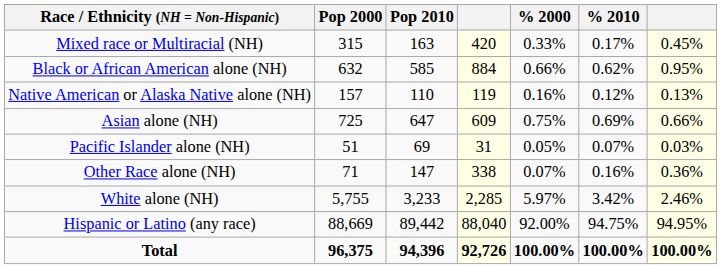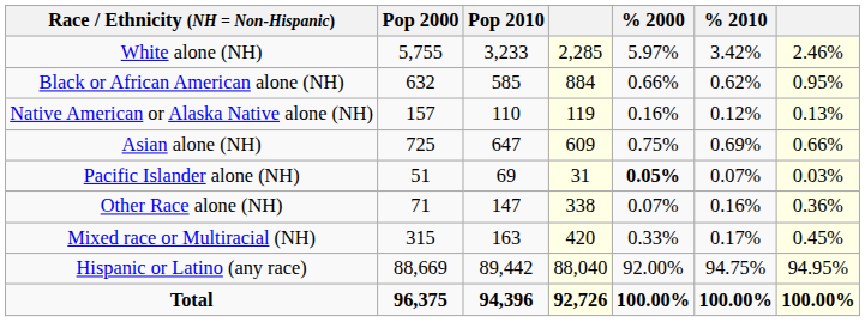 <table class="wikitable" style="text-align:center;">
 <tr>
 <th>Race / Ethnicity <small>(<em>NH = Non-Hispanic</em>)</small></th>
 <th>Pop 2000</th>
 <th>Pop 2010</th>
 <th></th>
 <th>% 2000</th>
 <th>% 2010</th>
 <th></th>
 </tr>
 <tr>
-<td><a href='#'>Mixed race or Multiracial</a> (NH)</td>
-<td>315</td>
-<td>163</td>
-<td style='background: #ffffe6;'>420</td>
-<td>0.33%</td>
-<td>0.17%</td>
-<td style='background: #ffffe6;'>0.45%</td>
+<td><a href='#'>White</a> alone (NH)</td>
+<td>5,755</td>
+<td>3,233</td>
+<td style='background: #ffffe6;'>2,285</td>
+<td>5.97%</td>
+<td>3.42%</td>
+<td style='background: #ffffe6;'>2.46%</td>
 </tr>
 <tr>
 <td><a href='#'>Black or African American</a> alone (NH)</td>
 <td>632</td>
 <td>585</td>
 <td style='background: #ffffe6;'>884</td>
 <td>0.66%</td>
 <td>0.62%</td>
 <td style='background: #ffffe6;'>0.95%</td>
 </tr>
 <tr>
 <td><a href='#'>Native American</a> or <a href='#'>Alaska Native</a> alone (NH)</td>
 <td>157</td>
 <td>110</td>
 <td style='background: #ffffe6;'>119</td>
 <td>0.16%</td>
 <td>0.12%</td>
 <td style='background: #ffffe6;'>0.13%</td>
 </tr>
 <tr>
 <td><a href='#'>Asian</a> alone (NH)</td>
 <td>725</td>
 <td>647</td>
 <td style='background: #ffffe6;'>609</td>
 <td>0.75%</td>
 <td>0.69%</td>
 <td style='background: #ffffe6;'>0.66%</td>
 </tr>
 <tr>
 <td><a href='#'>Pacific Islander</a> alone (NH)</td>
 <td>51</td>
 <td>69</td>
 <td style='background: #ffffe6;'>31</td>
-<td>0.05%</td>
+<td><strong>0.05%</strong></td>
 <td>0.07%</td>
 <td style='background: #ffffe6;'>0.03%</td>
 </tr>
 <tr>
 <td><a href='#'>Other Race</a> alone (NH)</td>
 <td>71</td>
 <td>147</td>
 <td style='background: #ffffe6;'>338</td>
 <td>0.07%</td>
 <td>0.16%</td>
 <td style='background: #ffffe6;'>0.36%</td>
 </tr>
 <tr>
-<td><a href='#'>White</a> alone (NH)</td>
-<td>5,755</td>
-<td>3,233</td>
-<td style='background: #ffffe6;'>2,285</td>
-<td>5.97%</td>
-<td>3.42%</td>
-<td style='background: #ffffe6;'>2.46%</td>
+<td><a href='#'>Mixed race or Multiracial</a> (NH)</td>
+<td>315</td>
+<td>163</td>
+<td style='background: #ffffe6;'>420</td>
+<td>0.33%</td>
+<td>0.17%</td>
+<td style='background: #ffffe6;'>0.45%</td>
 </tr>
 <tr>
 <td><a href='#'>Hispanic or Latino</a> (any race)</td>
 <td>88,669</td>
 <td>89,442</td>
 <td style='background: #ffffe6;'>88,040</td>
 <td>92.00%</td>
 <td>94.75%</td>
 <td style='background: #ffffe6;'>94.95%</td>
 </tr>
 <tr>
 <td><strong>Total</strong></td>
 <td><strong>96,375</strong></td>
 <td><strong>94,396</strong></td>
 <td style='background: #ffffe6;'><strong>92,726</strong></td>
 <td><strong>100.00%</strong></td>
 <td><strong>100.00%</strong></td>
 <td style='background: #ffffe6;'><strong>100.00%</strong></td>
 </tr>
 </table>
